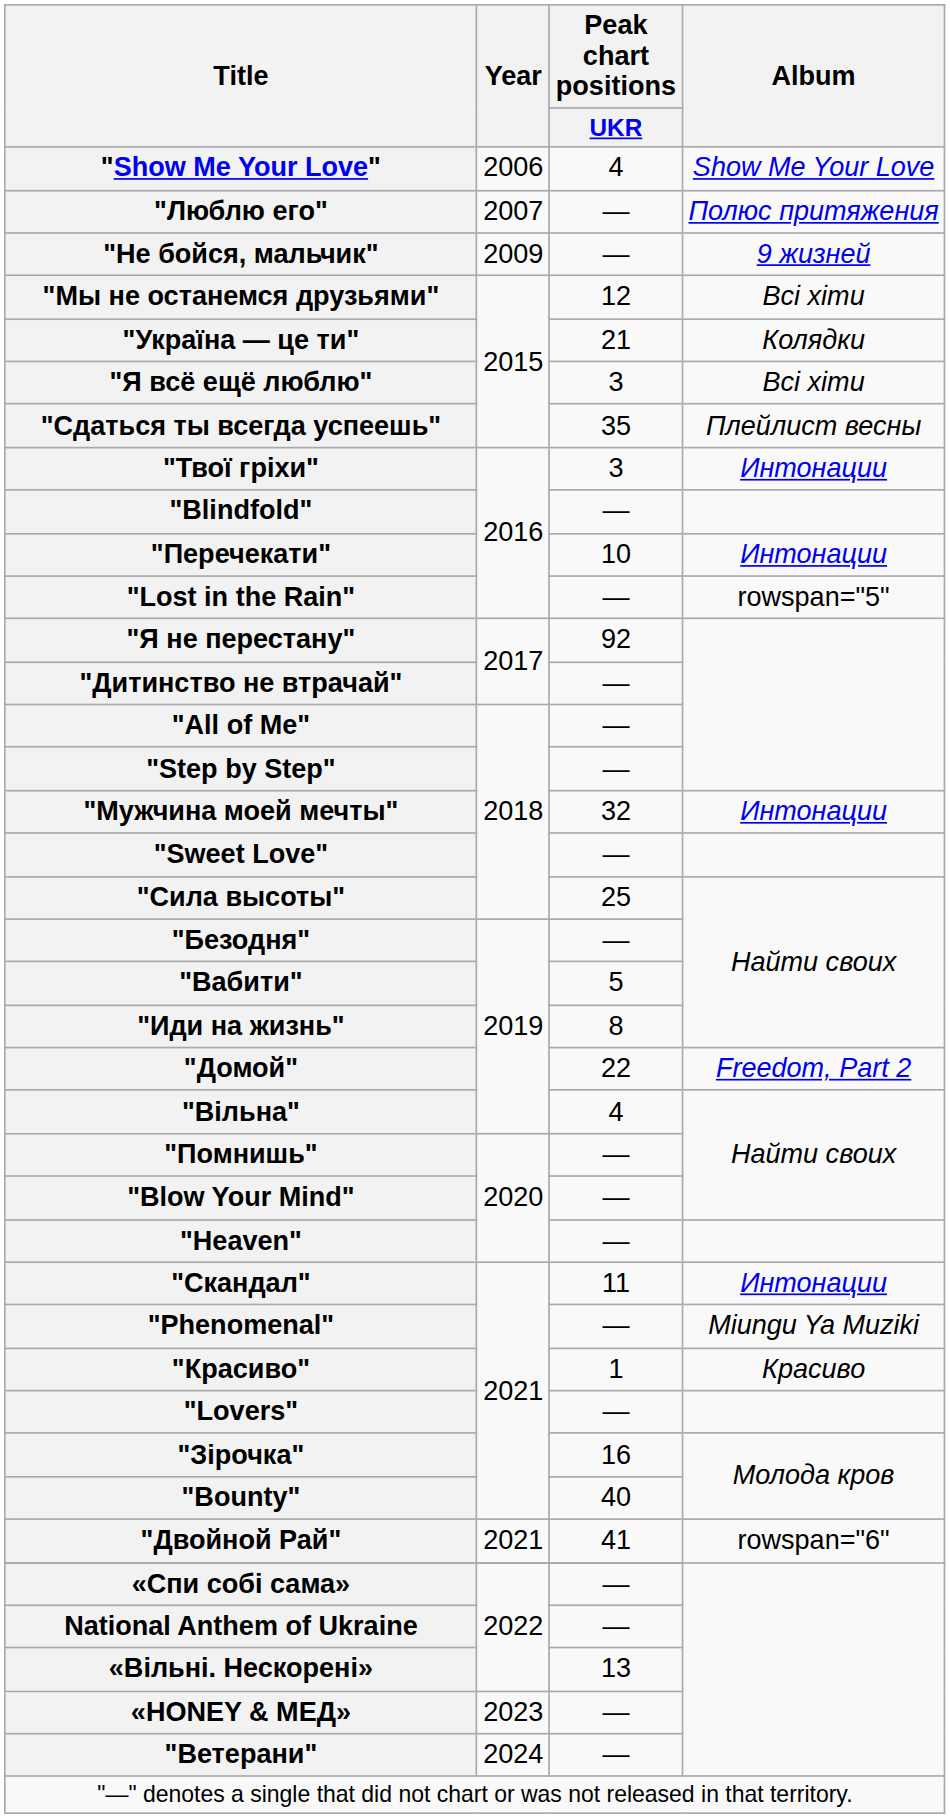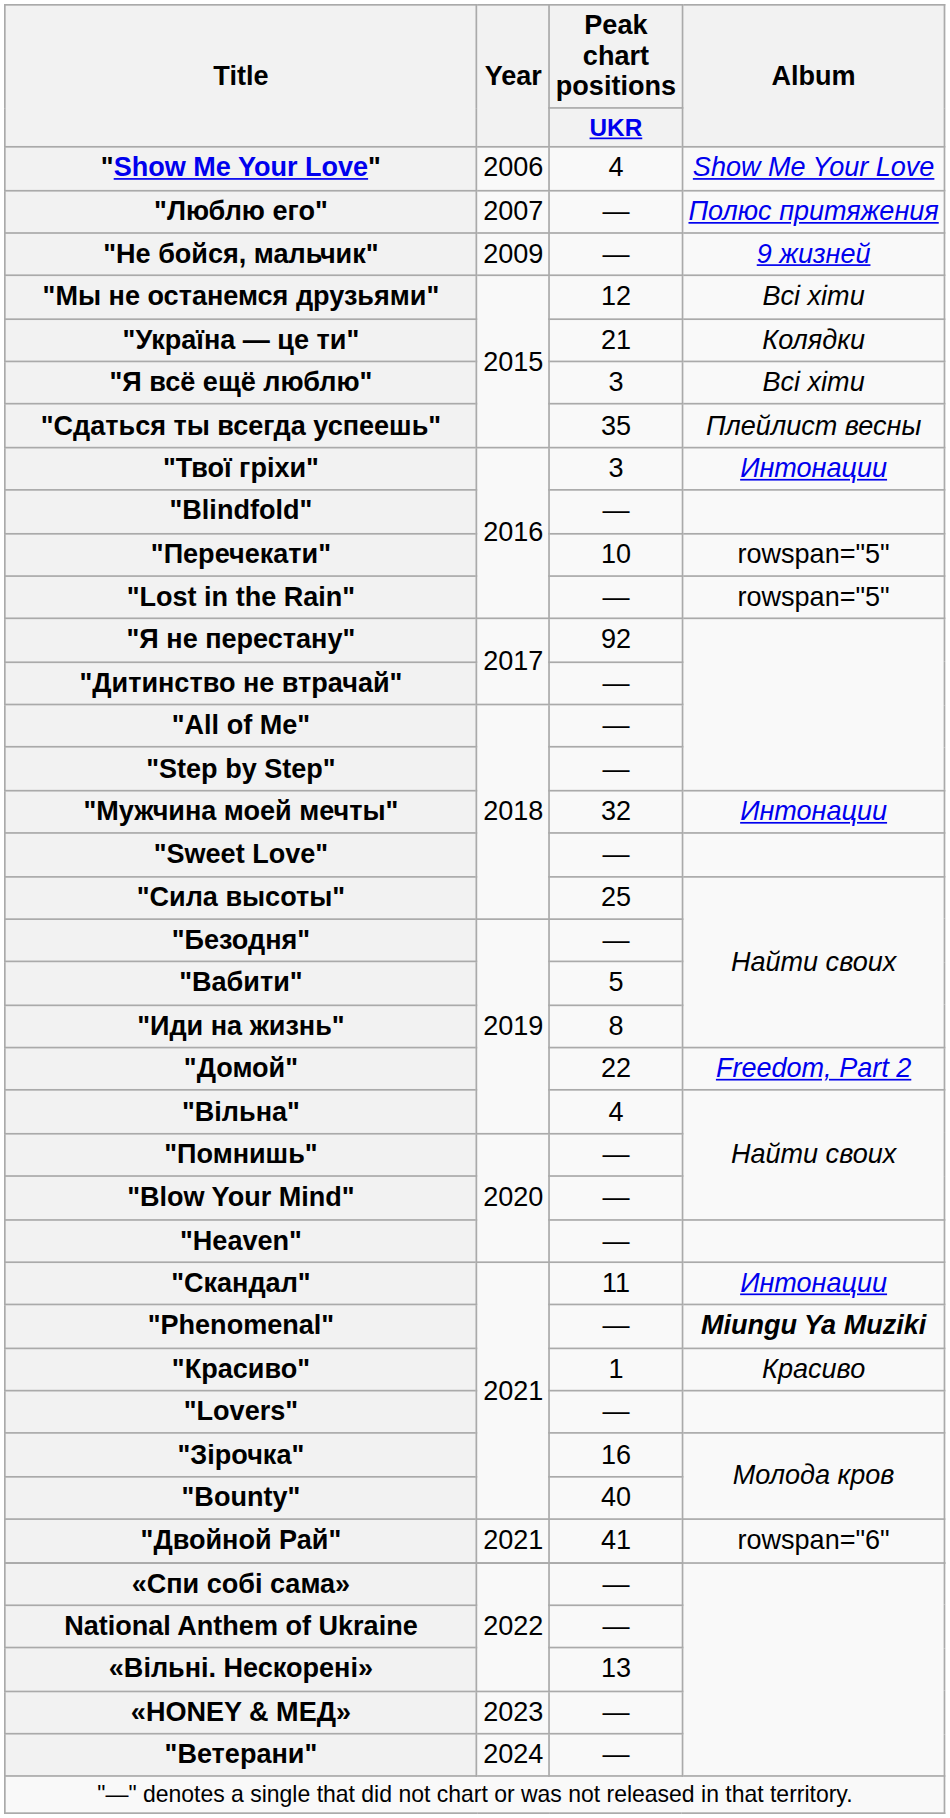 <table class="wikitable plainrowheaders" style="text-align:center;">
 <tr>
 <th scope="col" rowspan="2" style="width:17em;">Title</th>
 <th scope="col" rowspan="2" style="width:1em;">Year</th>
 <th scope="col">Peak chart positions</th>
 <th scope="col" rowspan="2">Album</th>
 </tr>
 <tr>
 <th scope="col" style="width:2.5em; font-size:90%;"><a href='#'>UKR</a><br></th>
 </tr>
 <tr>
 <th scope="row">"<a href='#'>Show Me Your Love</a>"</th>
 <td>2006</td>
 <td>4</td>
 <td><em><a href='#'>Show Me Your Love</a></em></td>
 </tr>
 <tr>
 <th scope="row">"Люблю его"</th>
 <td>2007</td>
 <td>—</td>
 <td><em><a href='#'>Полюс притяжения</a></em></td>
 </tr>
 <tr>
 <th scope="row">"Не бойся, мальчик"</th>
 <td>2009</td>
 <td>—</td>
 <td><em><a href='#'>9 жизней</a></em></td>
 </tr>
 <tr>
 <th scope="row">"Мы не останемся друзьями"</th>
 <td rowspan="4">2015</td>
 <td>12</td>
 <td><em>Всі хіти</em></td>
 </tr>
 <tr>
 <th scope="row">"Україна — це ти"</th>
 <td>21</td>
 <td><em>Колядки</em></td>
 </tr>
 <tr>
 <th scope="row">"Я всё ещё люблю"</th>
 <td>3</td>
 <td><em>Всі хіти</em></td>
 </tr>
 <tr>
 <th scope="row">"Сдаться ты всегда успеешь"</th>
 <td>35</td>
 <td><em>Плейлист весны</em></td>
 </tr>
 <tr>
 <th scope="row">"Твої гріхи"</th>
 <td rowspan="4">2016</td>
 <td>3</td>
 <td><em><a href='#'>Интонации</a></em></td>
 </tr>
 <tr>
 <th scope="row">"Blindfold"</th>
 <td>—</td>
 <td></td>
 </tr>
 <tr>
 <th scope="row">"Перечекати"</th>
 <td>10</td>
-<td><em><a href='#'>Интонации</a></em></td>
+<td>rowspan="5" </td>
 </tr>
 <tr>
 <th scope="row">"Lost in the Rain"</th>
 <td>—</td>
 <td>rowspan="5" </td>
 </tr>
 <tr>
 <th scope="row">"Я не перестану"</th>
 <td rowspan="2">2017</td>
 <td>92</td>
 </tr>
 <tr>
 <th scope="row">"Дитинство не втрачай"</th>
 <td>—</td>
 </tr>
 <tr>
 <th scope="row">"All of Me"</th>
 <td rowspan="5">2018</td>
 <td>—</td>
 </tr>
 <tr>
 <th scope="row">"Step by Step"</th>
 <td>—</td>
 </tr>
 <tr>
 <th scope="row">"Мужчина моей мечты"</th>
 <td>32</td>
 <td><em><a href='#'>Интонации</a></em></td>
 </tr>
 <tr>
 <th scope="row">"Sweet Love"</th>
 <td>—</td>
 <td></td>
 </tr>
 <tr>
 <th scope="row">"Сила высоты"</th>
 <td>25</td>
 <td rowspan="4"><em>Найти своих</em></td>
 </tr>
 <tr>
 <th scope="row">"Безодня"<br></th>
 <td rowspan="5">2019</td>
 <td>—</td>
 </tr>
 <tr>
 <th scope="row">"Вабити"</th>
 <td>5</td>
 </tr>
 <tr>
 <th scope="row">"Иди на жизнь"</th>
 <td>8</td>
 </tr>
 <tr>
 <th scope="row">"Домой"<br></th>
 <td>22</td>
 <td><em><a href='#'>Freedom, Part 2</a></em></td>
 </tr>
 <tr>
 <th scope="row">"Вільна"<br></th>
 <td>4</td>
 <td rowspan="3"><em>Найти своих</em></td>
 </tr>
 <tr>
 <th scope="row">"Помнишь"<br></th>
 <td rowspan="3">2020</td>
 <td>—</td>
 </tr>
 <tr>
 <th scope="row">"Blow Your Mind"<br></th>
 <td>—</td>
 </tr>
 <tr>
 <th scope="row">"Heaven"</th>
 <td>—</td>
 <td></td>
 </tr>
 <tr>
 <th scope="row">"Скандал"</th>
 <td rowspan="6">2021</td>
 <td>11</td>
 <td><em><a href='#'>Интонации</a></em></td>
 </tr>
 <tr>
 <th scope="row">"Phenomenal"<br></th>
 <td>—</td>
-<td><em>Miungu Ya Muziki</em></td>
+<td><strong><em>Miungu Ya Muziki</em></strong></td>
 </tr>
 <tr>
 <th scope="row">"Красиво"</th>
 <td>1</td>
 <td><em>Красиво</em></td>
 </tr>
 <tr>
 <th scope="row">"Lovers"</th>
 <td>—</td>
 <td></td>
 </tr>
 <tr>
 <th scope="row">"Зірочка"<br></th>
 <td>16</td>
 <td rowspan="2"><em>Молода кров</em></td>
 </tr>
 <tr>
 <th scope="row">"Bounty"<br></th>
 <td>40</td>
 </tr>
 <tr>
 <th scope="row">"Двойной Рай"</th>
 <td>2021</td>
 <td>41</td>
 <td>rowspan="6" </td>
 </tr>
 <tr>
 </tr>
 <tr>
 <th scope="row">«Спи собі сама»</th>
 <td rowspan="3">2022</td>
 <td>—</td>
 </tr>
 <tr>
 <th scope="row">National Anthem of Ukraine</th>
 <td>—</td>
 </tr>
 <tr>
 <th scope="row">«Вільні. Нескорені»</th>
 <td>13</td>
 </tr>
 <tr>
 <th scope="row">«HONEY & МЕД»</th>
 <td>2023</td>
 <td>—</td>
 </tr>
 <tr>
 <th scope="row">"Ветерани"</th>
 <td>2024</td>
 <td>—</td>
 </tr>
 <tr>
 <td colspan="4" style="font-size:85%">"—" denotes a single that did not chart or was not released in that territory.</td>
 </tr>
 </table>
